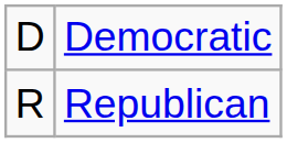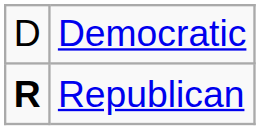 <table class="wikitable">
 <tr>
 <td align="center" >D</td>
 <td><a href='#'>Democratic</a></td>
 </tr>
 <tr>
-<td align="center" >R</td>
+<td align="center" ><strong>R</strong></td>
 <td><a href='#'>Republican</a></td>
 </tr>
 </table>
